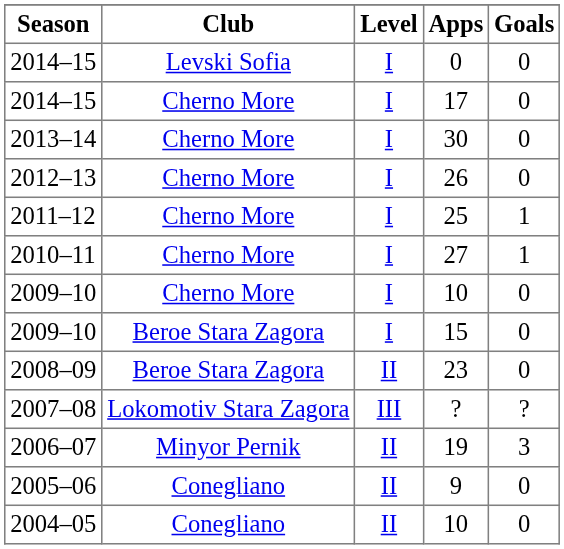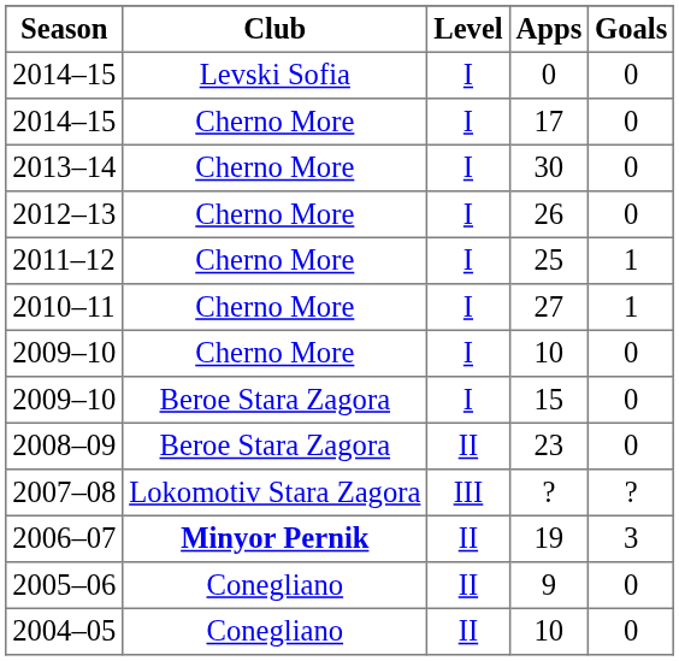 <table border=1 cellpadding=3 style="border-collapse: collapse;">
 <tr align=center style=background:#efefefe>
 </tr>
 <tr>
 <th>Season</th>
 <th>Club</th>
 <th>Level</th>
 <th>Apps</th>
 <th>Goals</th>
 </tr>
 <tr>
 <td>2014–15</td>
 <td align=center><a href='#'>Levski Sofia</a></td>
 <td align=center><a href='#'>I</a></td>
 <td align=center>0</td>
 <td align=center>0</td>
 </tr>
 <tr>
 <td>2014–15</td>
 <td align=center><a href='#'>Cherno More</a></td>
 <td align=center><a href='#'>I</a></td>
 <td align=center>17</td>
 <td align=center>0</td>
 </tr>
 <tr>
 <td>2013–14</td>
 <td align=center><a href='#'>Cherno More</a></td>
 <td align=center><a href='#'>I</a></td>
 <td align=center>30</td>
 <td align=center>0</td>
 </tr>
 <tr>
 <td>2012–13</td>
 <td align=center><a href='#'>Cherno More</a></td>
 <td align=center><a href='#'>I</a></td>
 <td align=center>26</td>
 <td align=center>0</td>
 </tr>
 <tr>
 <td>2011–12</td>
 <td align=center><a href='#'>Cherno More</a></td>
 <td align=center><a href='#'>I</a></td>
 <td align=center>25</td>
 <td align=center>1</td>
 </tr>
 <tr>
 <td>2010–11</td>
 <td align=center><a href='#'>Cherno More</a></td>
 <td align=center><a href='#'>I</a></td>
 <td align=center>27</td>
 <td align=center>1</td>
 </tr>
 <tr>
 <td>2009–10</td>
 <td align=center><a href='#'>Cherno More</a></td>
 <td align=center><a href='#'>I</a></td>
 <td align=center>10</td>
 <td align=center>0</td>
 </tr>
 <tr>
 <td>2009–10</td>
 <td align=center><a href='#'>Beroe Stara Zagora</a></td>
 <td align=center><a href='#'>I</a></td>
 <td align=center>15</td>
 <td align=center>0</td>
 </tr>
 <tr>
 <td>2008–09</td>
 <td align=center><a href='#'>Beroe Stara Zagora</a></td>
 <td align=center><a href='#'>II</a></td>
 <td align=center>23</td>
 <td align=center>0</td>
 </tr>
 <tr>
 <td>2007–08</td>
 <td align=center><a href='#'>Lokomotiv Stara Zagora</a></td>
 <td align=center><a href='#'>III</a></td>
 <td align=center>?</td>
 <td align=center>?</td>
 </tr>
 <tr>
 <td>2006–07</td>
-<td align=center><a href='#'>Minyor Pernik</a></td>
+<td align=center><strong><a href='#'>Minyor Pernik</a></strong></td>
 <td align=center><a href='#'>II</a></td>
 <td align=center>19</td>
 <td align=center>3</td>
 </tr>
 <tr>
 <td>2005–06</td>
 <td align=center><a href='#'>Conegliano</a></td>
 <td align=center><a href='#'>II</a></td>
 <td align=center>9</td>
 <td align=center>0</td>
 </tr>
 <tr>
 <td>2004–05</td>
 <td align=center><a href='#'>Conegliano</a></td>
 <td align=center><a href='#'>II</a></td>
 <td align=center>10</td>
 <td align=center>0</td>
 </tr>
 </table>
